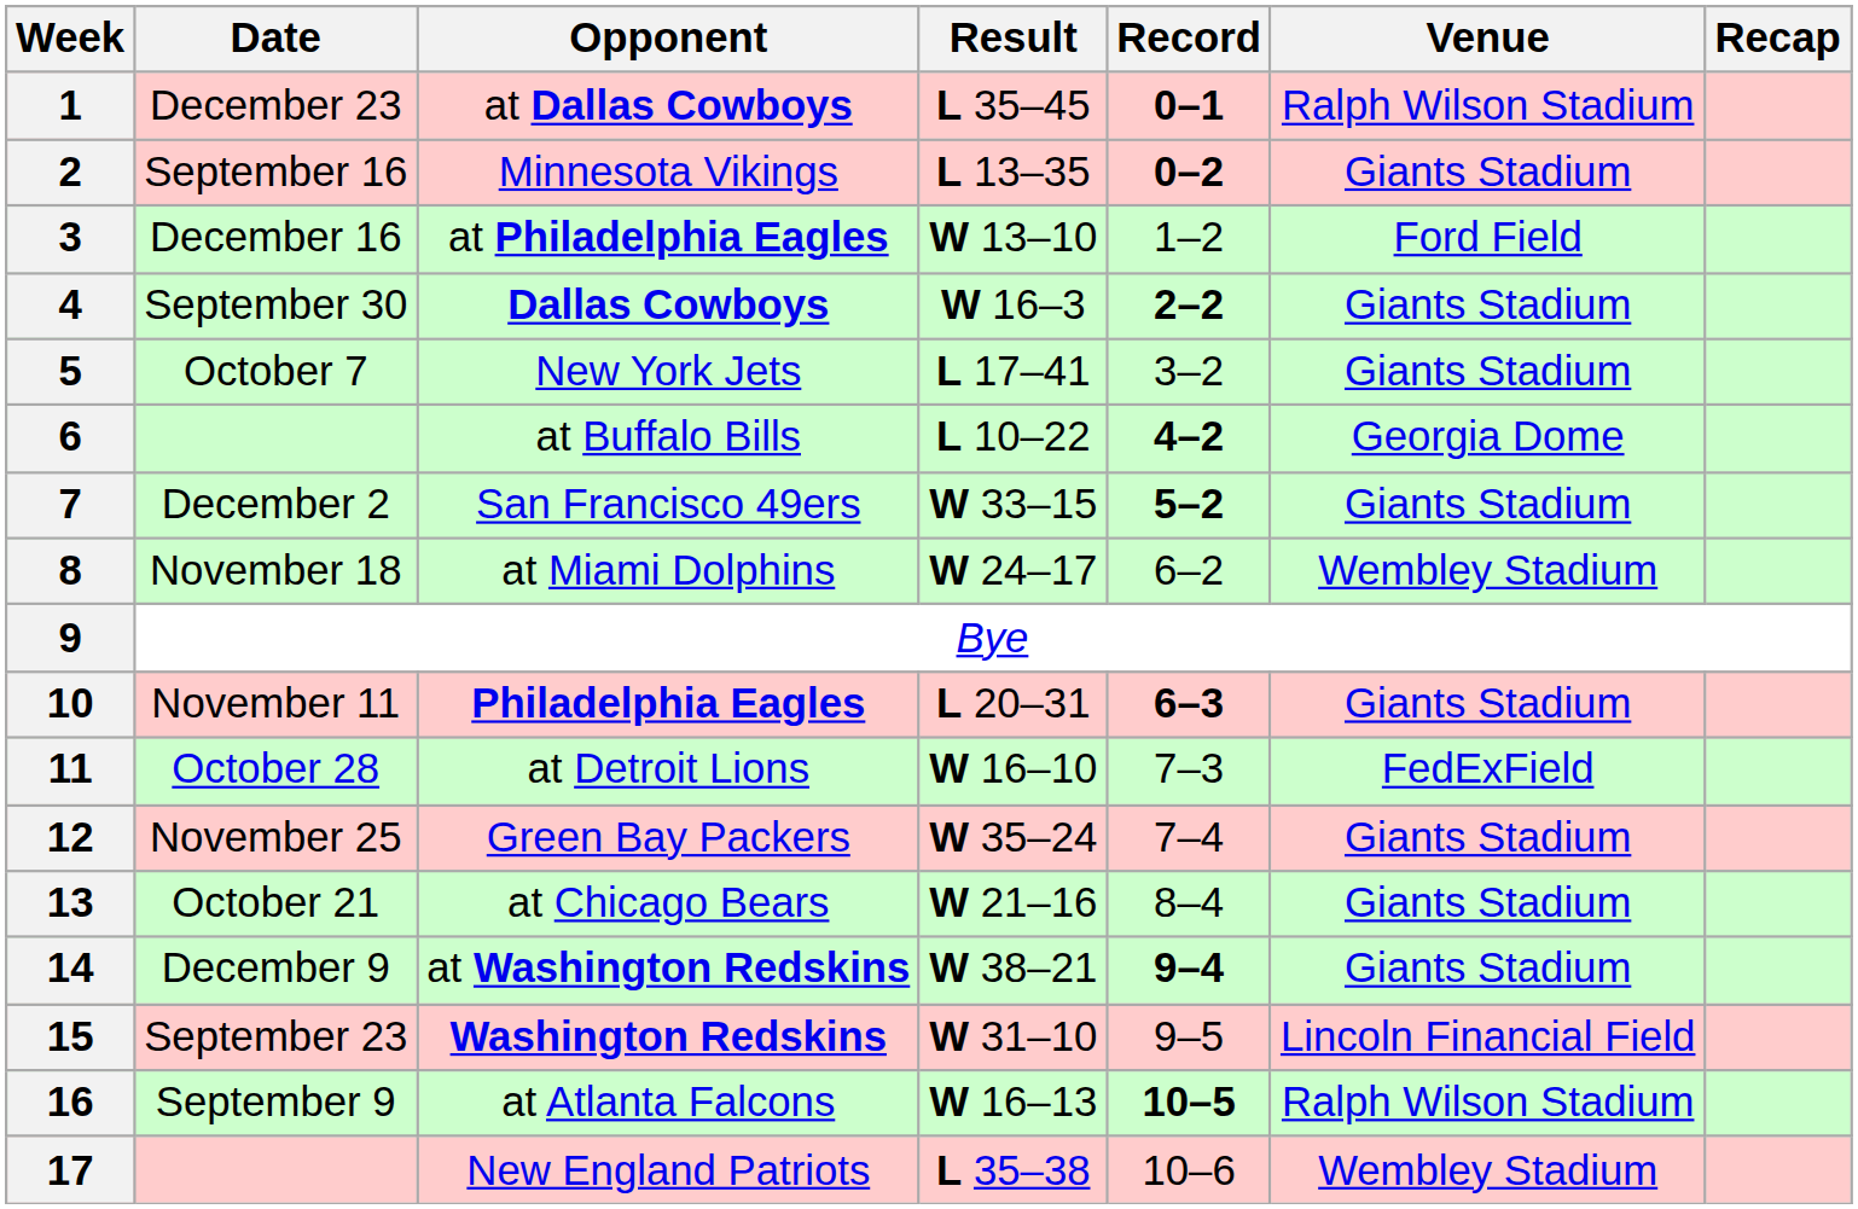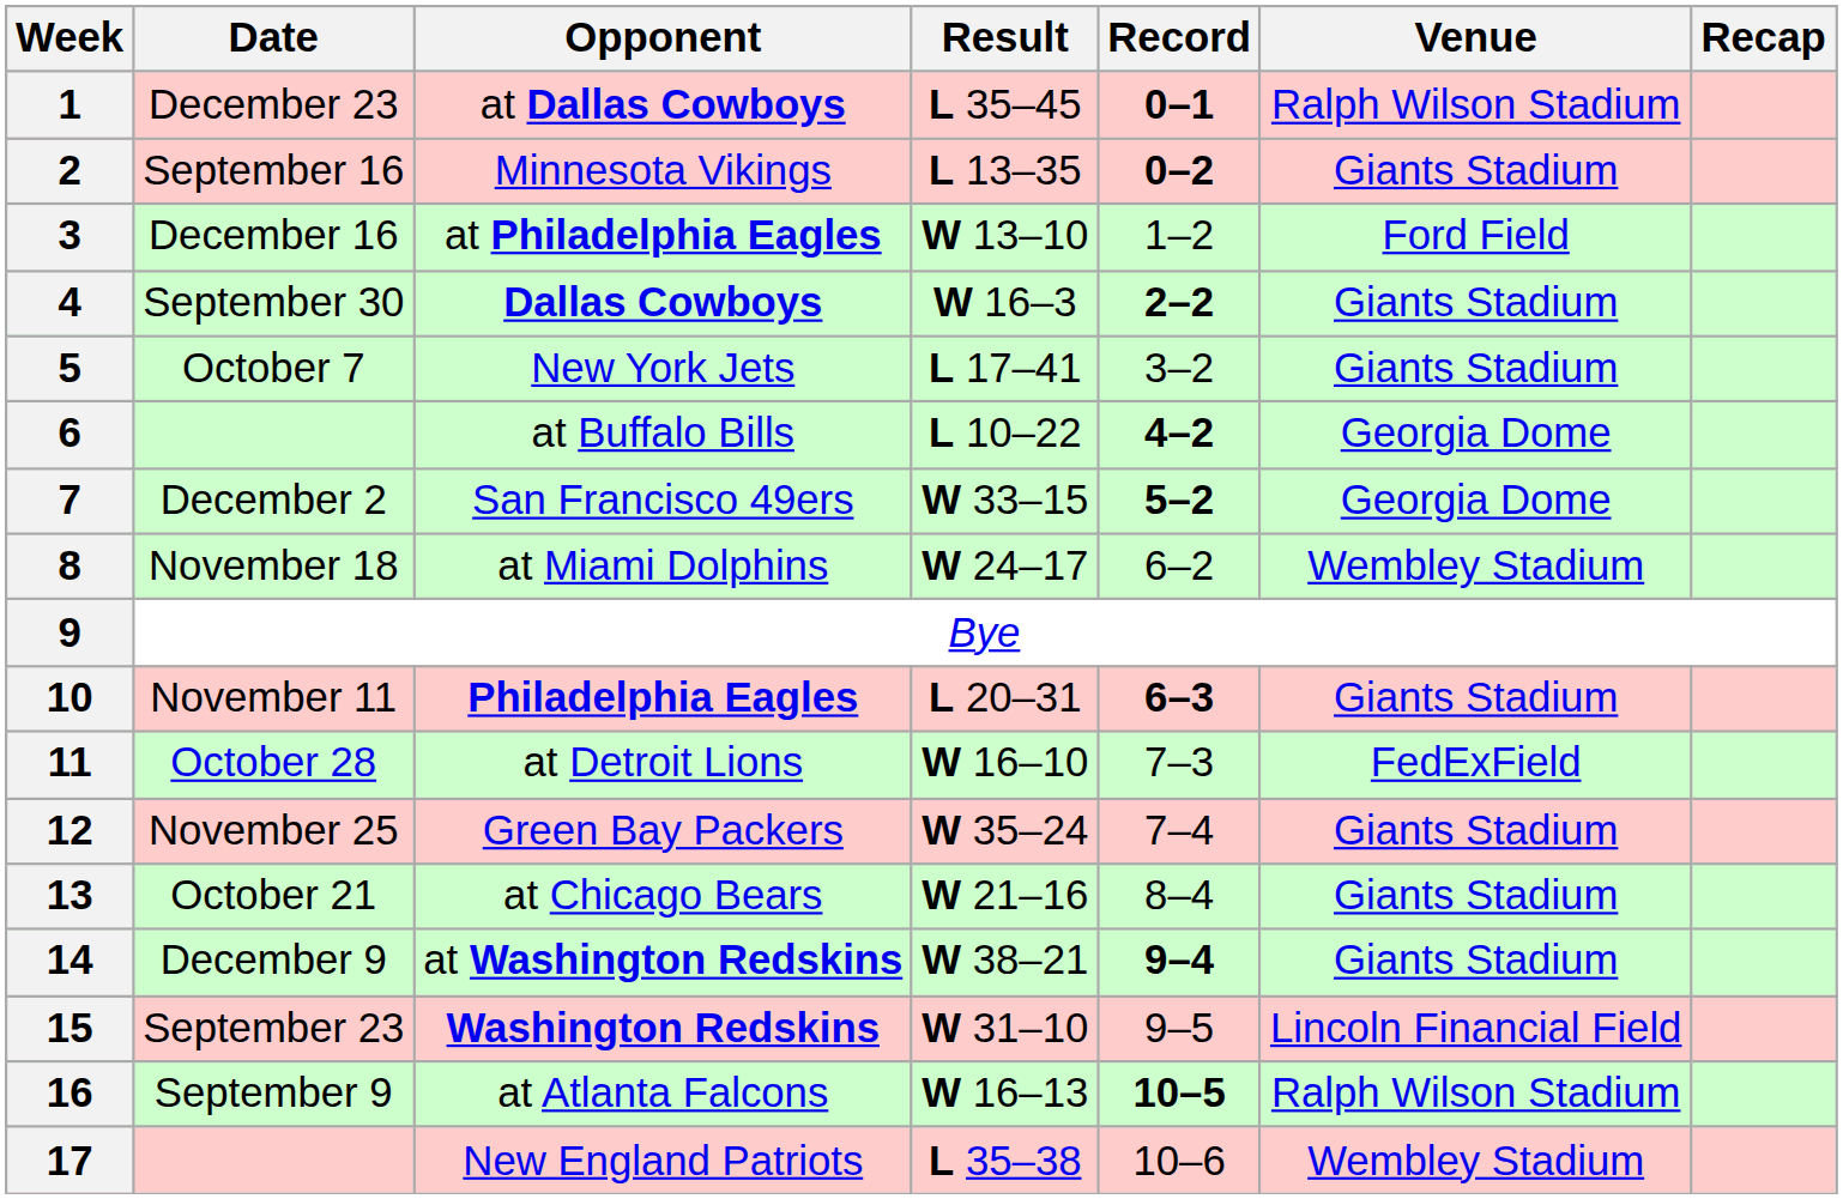 <table class="wikitable" style="text-align:center">
 <tr>
 <th>Week</th>
 <th>Date</th>
 <th>Opponent</th>
 <th>Result</th>
 <th>Record</th>
 <th>Venue</th>
 <th>Recap</th>
 </tr>
 <tr style="background: #fcc;">
 <th>1</th>
 <td>December 23</td>
 <td>at <strong><a href='#'>Dallas Cowboys</a></strong></td>
 <td><strong>L</strong> 35–45</td>
 <td><strong>0–1</strong></td>
 <td><a href='#'>Ralph Wilson Stadium</a></td>
 <td></td>
 </tr>
 <tr style="background: #fcc;">
 <th>2</th>
 <td>September 16</td>
 <td><a href='#'>Minnesota Vikings</a></td>
 <td><strong>L</strong> 13–35</td>
 <td><strong>0–2</strong></td>
 <td><a href='#'>Giants Stadium</a></td>
 <td></td>
 </tr>
 <tr style="background: #cfc;">
 <th>3</th>
 <td>December 16</td>
 <td>at <strong><a href='#'>Philadelphia Eagles</a></strong></td>
 <td><strong>W</strong> 13–10</td>
 <td>1–2</td>
 <td><a href='#'>Ford Field</a></td>
 <td></td>
 </tr>
 <tr style="background: #cfc;">
 <th>4</th>
 <td>September 30</td>
 <td><strong><a href='#'>Dallas Cowboys</a></strong></td>
 <td><strong>W</strong> 16–3</td>
 <td><strong>2–2</strong></td>
 <td><a href='#'>Giants Stadium</a></td>
 <td></td>
 </tr>
 <tr style="background: #cfc;">
 <th>5</th>
 <td>October 7</td>
 <td><a href='#'>New York Jets</a></td>
 <td><strong>L</strong> 17–41</td>
 <td>3–2</td>
 <td><a href='#'>Giants Stadium</a></td>
 <td></td>
 </tr>
 <tr style="background: #cfc;">
 <th>6</th>
 <td></td>
 <td>at <a href='#'>Buffalo Bills</a></td>
 <td><strong>L</strong> 10–22</td>
 <td><strong>4–2</strong></td>
 <td><a href='#'>Georgia Dome</a></td>
 <td></td>
 </tr>
 <tr style="background: #cfc;">
 <th>7</th>
 <td>December 2</td>
 <td><a href='#'>San Francisco 49ers</a></td>
 <td><strong>W</strong> 33–15</td>
 <td><strong>5–2</strong></td>
-<td><a href='#'>Giants Stadium</a></td>
+<td><a href='#'>Georgia Dome</a></td>
 <td></td>
 </tr>
 <tr style="background: #cfc;">
 <th>8</th>
 <td>November 18</td>
 <td>at <a href='#'>Miami Dolphins</a></td>
 <td><strong>W</strong> 24–17</td>
 <td>6–2</td>
 <td> <a href='#'>Wembley Stadium</a> </td>
 <td></td>
 </tr>
 <tr style="background:#fff;">
 <th>9</th>
 <td colspan="8" style="text-align:center;"><em><a href='#'>Bye</a></em></td>
 </tr>
 <tr style="background: #fcc;">
 <th>10</th>
 <td>November 11</td>
 <td><strong><a href='#'>Philadelphia Eagles</a></strong></td>
 <td><strong>L</strong> 20–31</td>
 <td><strong>6–3</strong></td>
 <td><a href='#'>Giants Stadium</a></td>
 <td></td>
 </tr>
 <tr style="background: #cfc;">
 <th>11</th>
 <td><a href='#'>October 28</a></td>
 <td>at <a href='#'>Detroit Lions</a></td>
 <td><strong>W</strong> 16–10</td>
 <td>7–3</td>
 <td><a href='#'>FedExField</a></td>
 <td></td>
 </tr>
 <tr style="background: #fcc;">
 <th>12</th>
 <td>November 25</td>
 <td><a href='#'>Green Bay Packers</a></td>
 <td><strong>W</strong> 35–24</td>
 <td>7–4</td>
 <td><a href='#'>Giants Stadium</a></td>
 <td></td>
 </tr>
 <tr style="background: #cfc;">
 <th>13</th>
 <td>October 21</td>
 <td>at <a href='#'>Chicago Bears</a></td>
 <td><strong>W</strong> 21–16</td>
 <td>8–4</td>
 <td><a href='#'>Giants Stadium</a></td>
 <td></td>
 </tr>
 <tr style="background: #cfc;">
 <th>14</th>
 <td>December 9</td>
 <td>at <strong><a href='#'>Washington Redskins</a></strong></td>
 <td><strong>W</strong> 38–21</td>
 <td><strong>9–4</strong></td>
 <td><a href='#'>Giants Stadium</a></td>
 <td></td>
 </tr>
 <tr style="background: #fcc;">
 <th>15</th>
 <td>September 23</td>
 <td><strong><a href='#'>Washington Redskins</a></strong></td>
 <td><strong>W</strong> 31–10</td>
 <td>9–5</td>
 <td><a href='#'>Lincoln Financial Field</a></td>
 <td></td>
 </tr>
 <tr style="background: #cfc;">
 <th>16</th>
 <td>September 9</td>
 <td>at <a href='#'>Atlanta Falcons</a></td>
 <td><strong>W</strong> 16–13</td>
 <td><strong>10–5</strong></td>
 <td><a href='#'>Ralph Wilson Stadium</a></td>
 <td></td>
 </tr>
 <tr style="background: #fcc;">
 <th>17</th>
 <td></td>
 <td><a href='#'>New England Patriots</a></td>
 <td><strong>L</strong> <a href='#'>35–38</a></td>
 <td>10–6</td>
 <td> <a href='#'>Wembley Stadium</a> </td>
 <td></td>
 </tr>
 </table>
